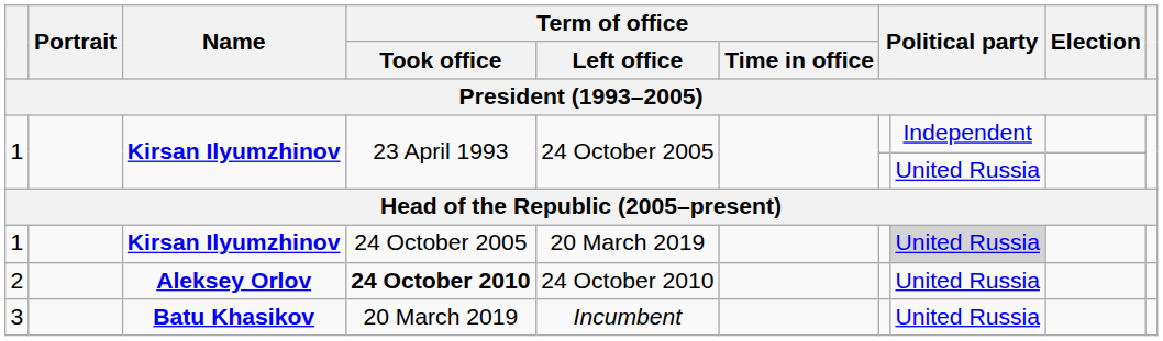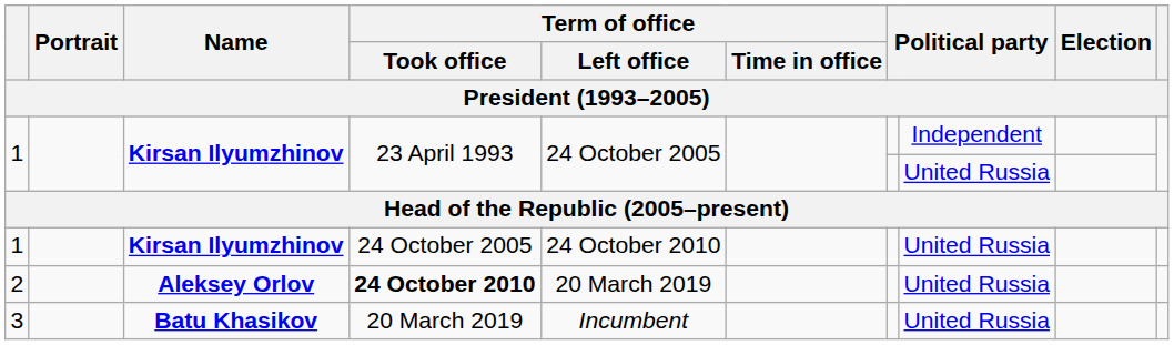 <table class="wikitable" style="text-align:center">
 <tr>
 <th rowspan=2></th>
 <th rowspan=2>Portrait</th>
 <th rowspan=2>Name<br></th>
 <th colspan=3>Term of office</th>
 <th colspan=2 rowspan=2>Political party</th>
 <th rowspan=2>Election</th>
 <th rowspan=2></th>
 </tr>
 <tr>
 <th>Took office</th>
 <th>Left office</th>
 <th>Time in office</th>
 </tr>
 <tr>
 <th colspan=10>President (1993–2005)</th>
 </tr>
 <tr>
 <td rowspan=2>1</td>
 <td rowspan=2></td>
 <td rowspan=2><strong><a href='#'>Kirsan Ilyumzhinov</a></strong><br></td>
 <td rowspan=2>23 April 1993</td>
 <td rowspan=2>24 October 2005</td>
 <td rowspan=2></td>
 <td style="background: "></td>
 <td><a href='#'>Independent</a></td>
 <td></td>
 <td rowspan=2></td>
 </tr>
 <tr>
 <td style="background: "></td>
 <td><a href='#'>United Russia</a></td>
 <td></td>
 </tr>
 <tr>
 <th colspan=10>Head of the Republic (2005–present)</th>
 </tr>
 <tr>
 <td>1</td>
 <td></td>
 <td><strong><a href='#'>Kirsan Ilyumzhinov</a></strong><br></td>
 <td>24 October 2005</td>
-<td>20 March 2019</td>
+<td>24 October 2010</td>
 <td></td>
 <td style="background: "></td>
-<td style="background: lightgrey;"><a href='#'>United Russia</a></td>
+<td><a href='#'>United Russia</a></td>
 <td></td>
 <td></td>
 </tr>
 <tr>
 <td>2</td>
 <td></td>
 <td><strong><a href='#'>Aleksey Orlov</a></strong><br></td>
 <td><strong>24 October 2010</strong></td>
-<td>24 October 2010</td>
+<td>20 March 2019</td>
 <td></td>
 <td style="background: "></td>
 <td><a href='#'>United Russia</a></td>
 <td></td>
 <td></td>
 </tr>
 <tr>
 <td>3</td>
 <td></td>
 <td><strong><a href='#'>Batu Khasikov</a></strong><br></td>
 <td>20 March 2019</td>
 <td><em>Incumbent</em></td>
 <td></td>
 <td style="background: "></td>
 <td><a href='#'>United Russia</a></td>
 <td></td>
 <td></td>
 </tr>
 </table>
